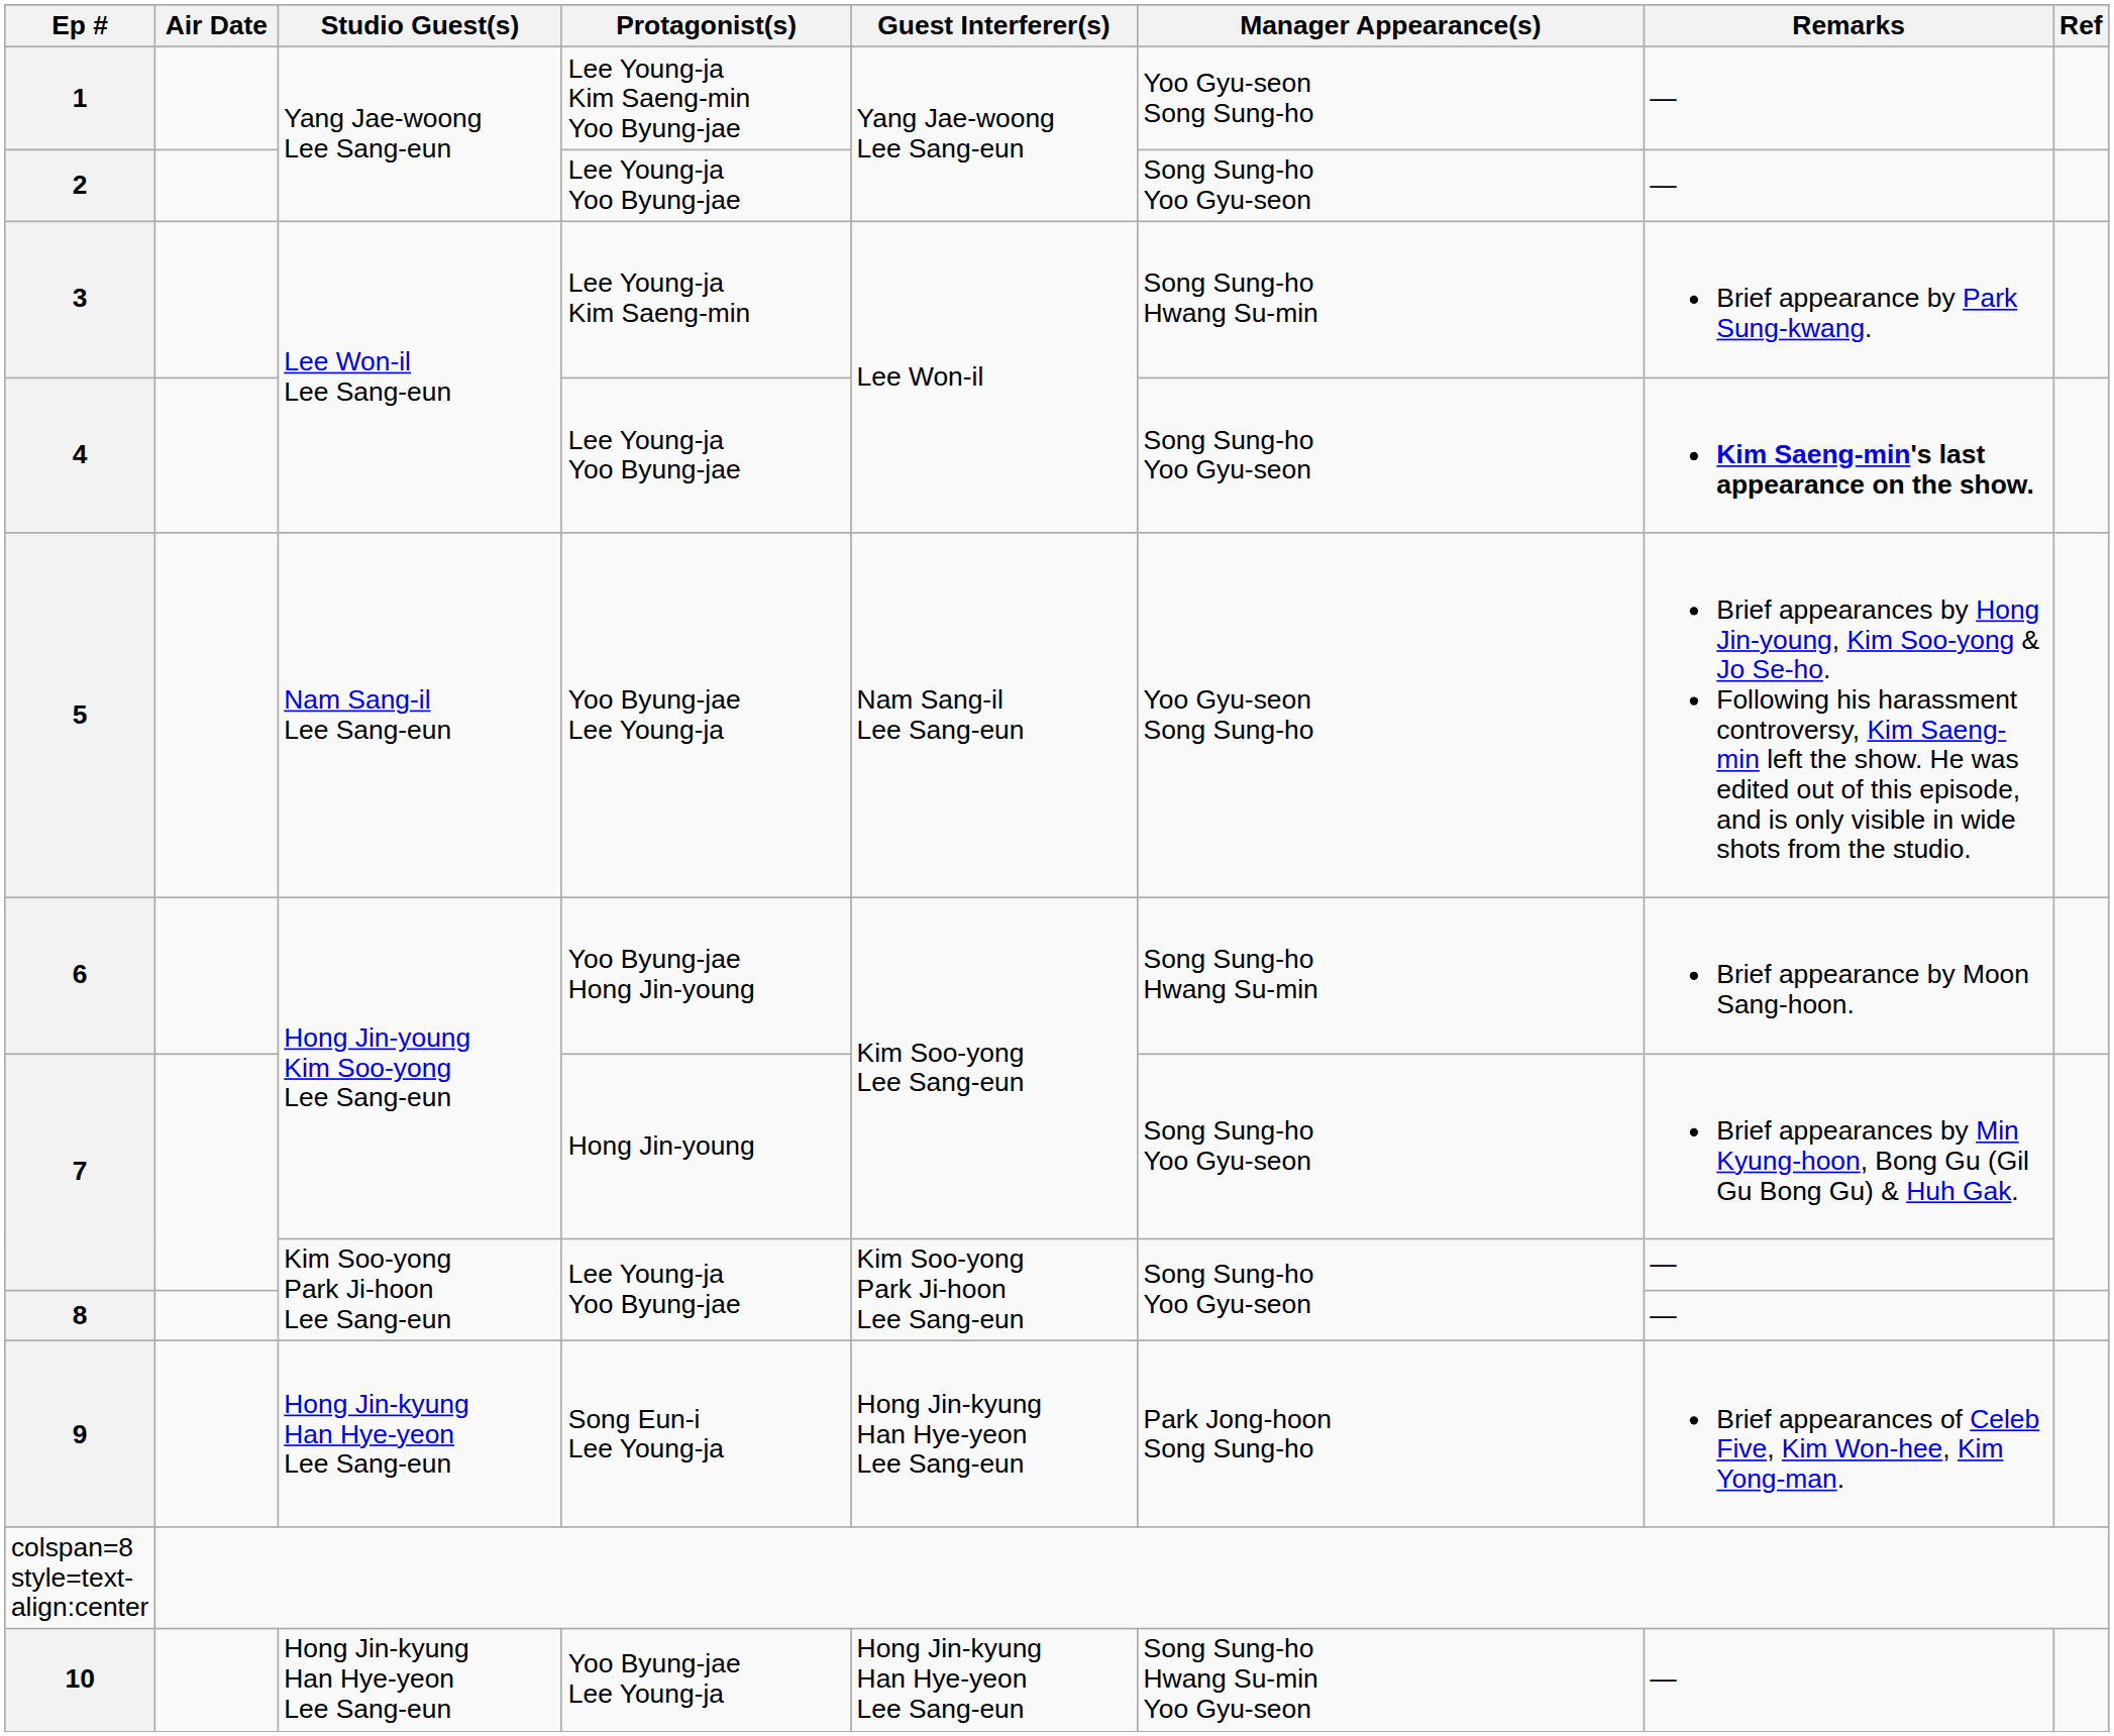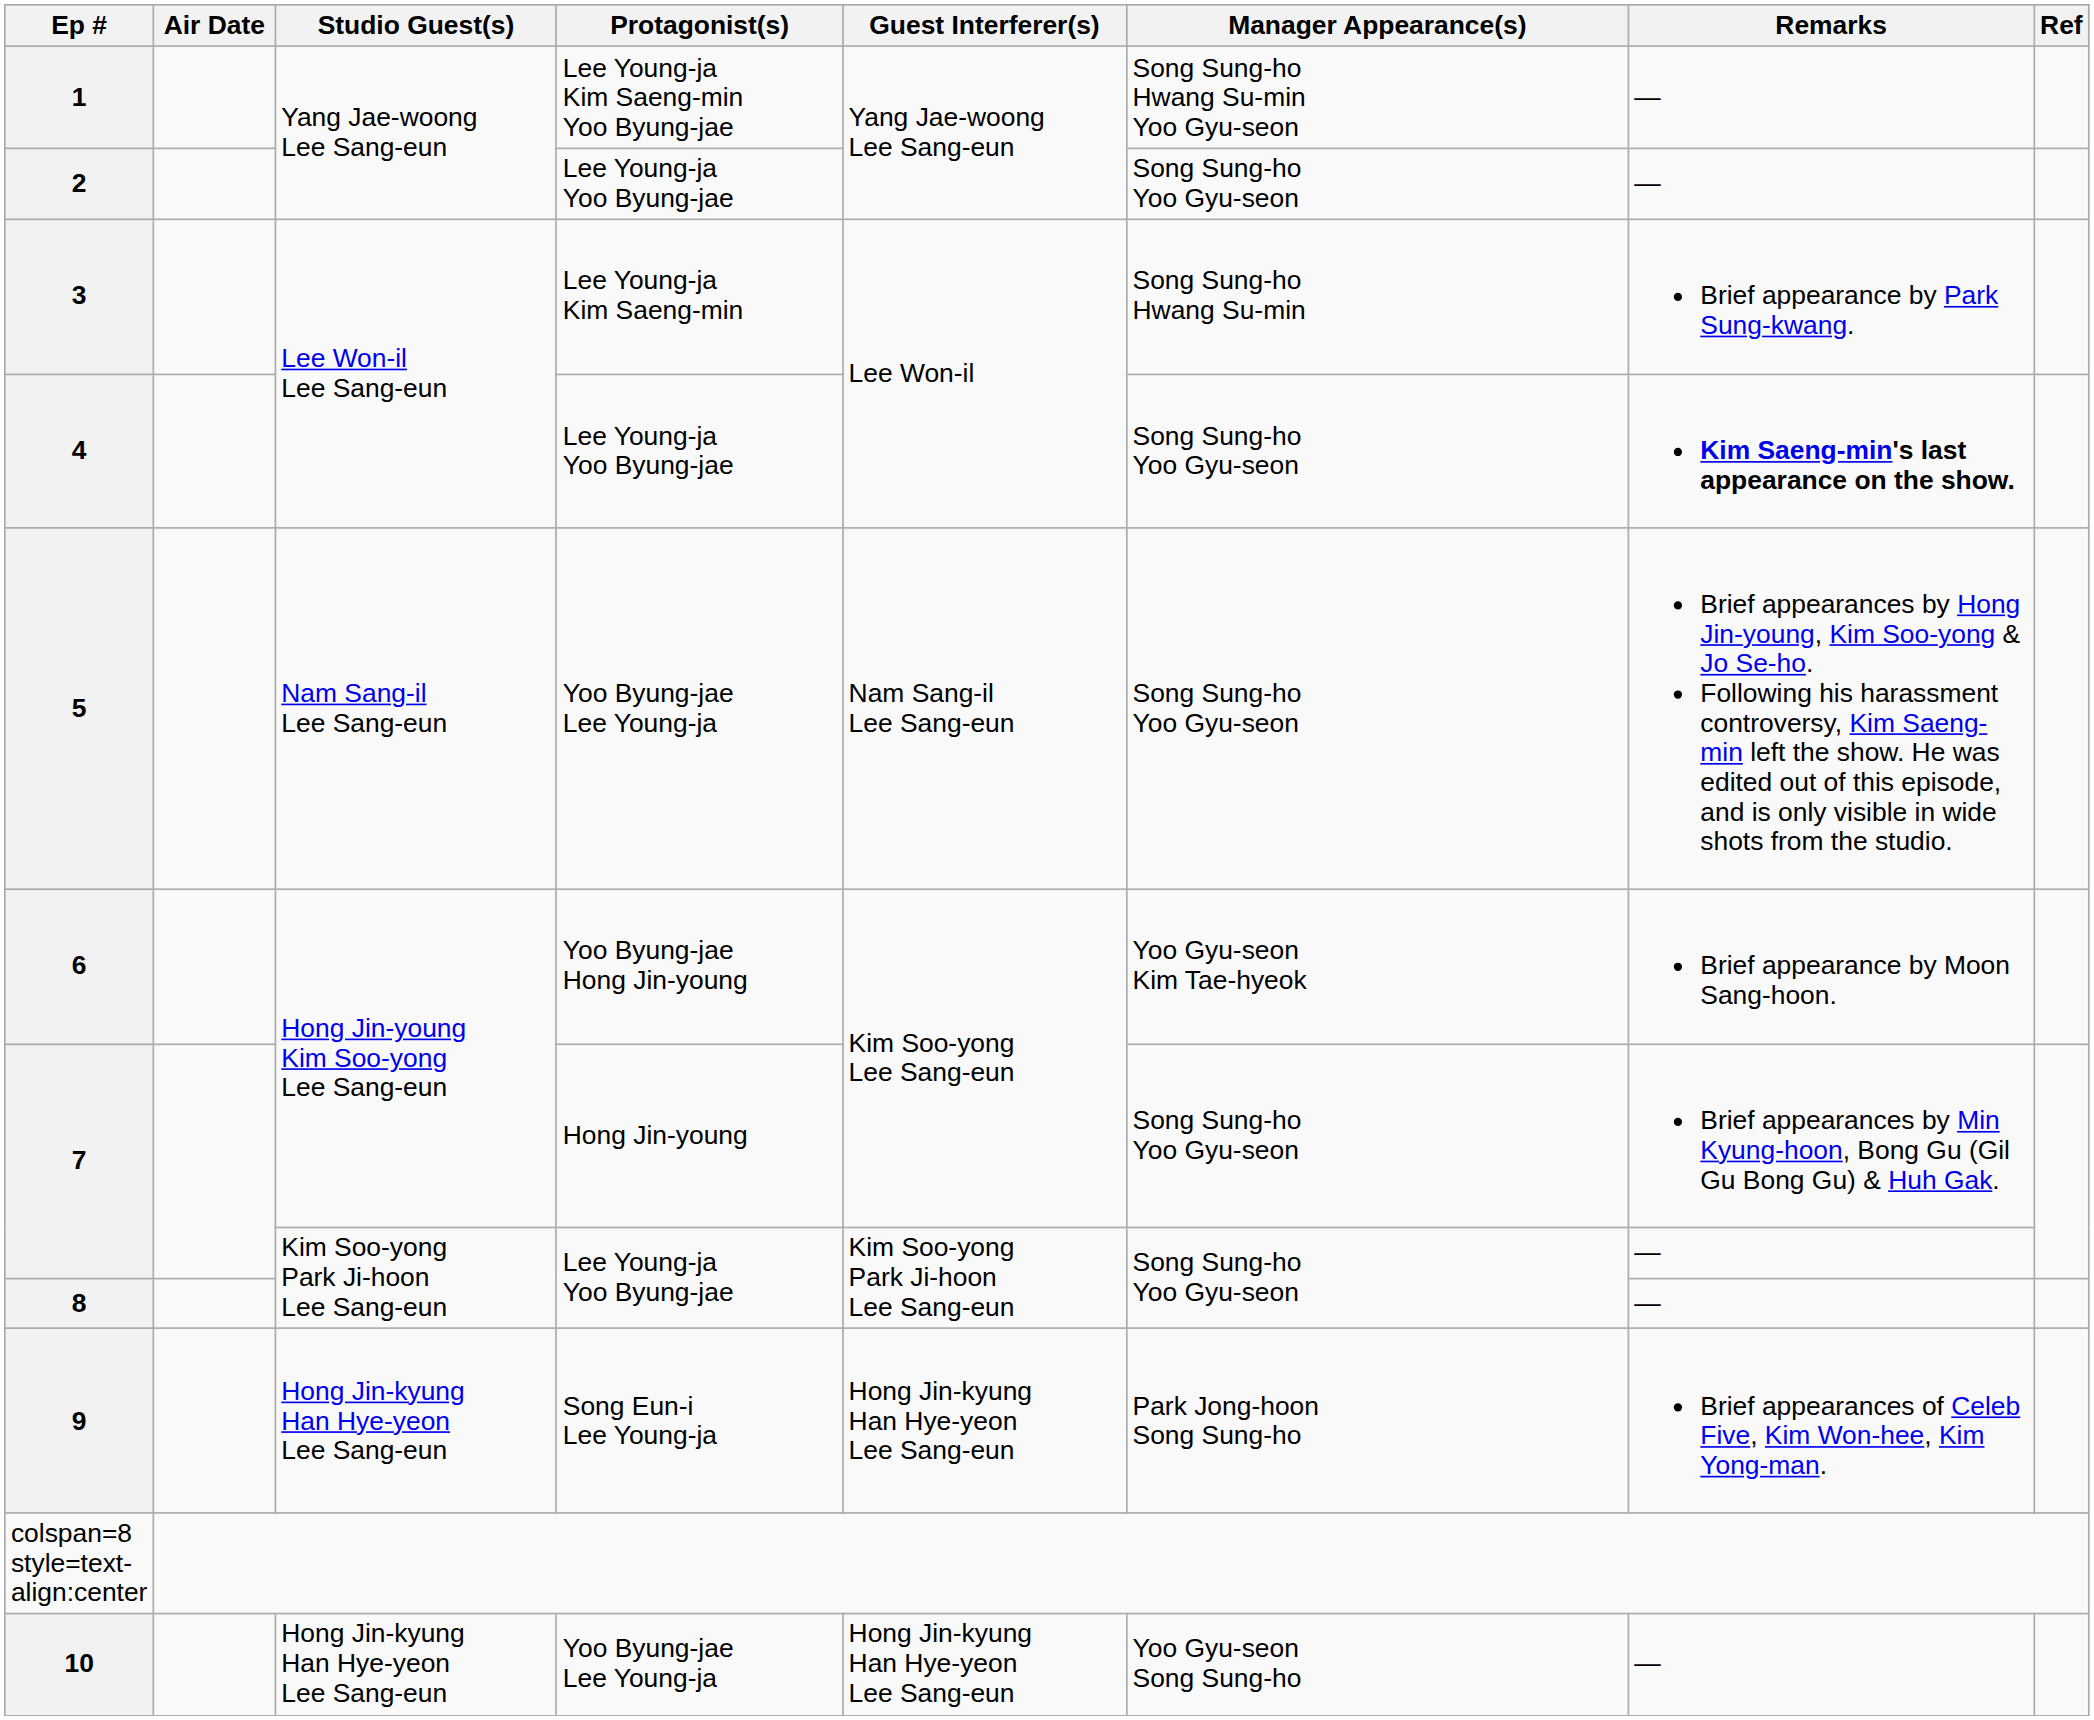 <table class=wikitable style="width:100%">
 <tr>
 <th width=5%>Ep #</th>
 <th width=6%>Air Date</th>
 <th width=14%>Studio Guest(s)</th>
 <th width=14%>Protagonist(s)</th>
 <th width=14%>Guest Interferer(s)</th>
 <th width=25%>Manager Appearance(s)</th>
 <th width=20%>Remarks</th>
 <th width=2%>Ref</th>
 </tr>
 <tr>
 <th>1</th>
 <td></td>
 <td rowspan=2>Yang Jae-woong<br>Lee Sang-eun</td>
 <td>Lee Young-ja<br>Kim Saeng-min<br>Yoo Byung-jae</td>
 <td rowspan=2>Yang Jae-woong<br>Lee Sang-eun</td>
-<td>Yoo Gyu-seon <br>Song Sung-ho </td>
+<td>Song Sung-ho <br>Hwang Su-min <br>Yoo Gyu-seon </td>
 <td>—</td>
 <td></td>
 </tr>
 <tr>
 <th>2</th>
 <td></td>
 <td>Lee Young-ja<br>Yoo Byung-jae</td>
 <td>Song Sung-ho <br>Yoo Gyu-seon </td>
 <td>—</td>
 <td></td>
 </tr>
 <tr>
 <th>3</th>
 <td></td>
 <td rowspan=2><a href='#'>Lee Won-il</a><br>Lee Sang-eun</td>
 <td>Lee Young-ja<br>Kim Saeng-min</td>
 <td rowspan=2>Lee Won-il</td>
 <td>Song Sung-ho <br>Hwang Su-min </td>
 <td><br><ul><li>Brief appearance by <a href='#'>Park Sung-kwang</a>.</li></ul></td>
 <td></td>
 </tr>
 <tr>
 <th>4</th>
 <td></td>
 <td>Lee Young-ja<br>Yoo Byung-jae</td>
 <td>Song Sung-ho <br>Yoo Gyu-seon </td>
 <td><strong><br><ul><li><a href='#'>Kim Saeng-min</a>'s last appearance on the show.</li></ul></strong></td>
 <td></td>
 </tr>
 <tr>
 <th>5</th>
 <td></td>
 <td><a href='#'>Nam Sang-il</a><br>Lee Sang-eun</td>
 <td>Yoo Byung-jae<br>Lee Young-ja</td>
 <td>Nam Sang-il<br>Lee Sang-eun</td>
-<td>Yoo Gyu-seon <br>Song Sung-ho </td>
+<td>Song Sung-ho <br>Yoo Gyu-seon </td>
 <td><br><ul><li>Brief appearances by <a href='#'>Hong Jin-young</a>, <a href='#'>Kim Soo-yong</a> & <a href='#'>Jo Se-ho</a>.</li><li>Following his harassment controversy, <a href='#'>Kim Saeng-min</a> left the show. He was edited out of this episode, and is only visible in wide shots from the studio.</li></ul></td>
 <td></td>
 </tr>
 <tr>
 <th>6</th>
 <td></td>
 <td rowspan=2><a href='#'>Hong Jin-young</a><br><a href='#'>Kim Soo-yong</a><br>Lee Sang-eun</td>
 <td>Yoo Byung-jae<br>Hong Jin-young</td>
 <td rowspan=2>Kim Soo-yong<br>Lee Sang-eun</td>
-<td>Song Sung-ho <br>Hwang Su-min </td>
+<td>Yoo Gyu-seon <br>Kim Tae-hyeok </td>
 <td><br><ul><li>Brief appearance by Moon Sang-hoon.</li></ul></td>
 <td></td>
 </tr>
 <tr>
 <th rowspan=2>7</th>
 <td rowspan=2></td>
 <td>Hong Jin-young</td>
 <td>Song Sung-ho <br>Yoo Gyu-seon </td>
 <td><br><ul><li>Brief appearances by <a href='#'>Min Kyung-hoon</a>, Bong Gu (Gil Gu Bong Gu) & <a href='#'>Huh Gak</a>.</li></ul></td>
 <td rowspan=2></td>
 </tr>
 <tr>
 <td rowspan=2>Kim Soo-yong<br>Park Ji-hoon<br>Lee Sang-eun</td>
 <td rowspan=2>Lee Young-ja<br>Yoo Byung-jae</td>
 <td rowspan=2>Kim Soo-yong<br>Park Ji-hoon<br>Lee Sang-eun</td>
 <td rowspan=2>Song Sung-ho <br>Yoo Gyu-seon </td>
 <td>—</td>
 </tr>
 <tr>
 <th>8</th>
 <td></td>
 <td>—</td>
 <td></td>
 </tr>
 <tr>
 <th>9</th>
 <td></td>
 <td><a href='#'>Hong Jin-kyung</a><br><a href='#'>Han Hye-yeon</a><br>Lee Sang-eun</td>
 <td>Song Eun-i<br>Lee Young-ja</td>
 <td>Hong Jin-kyung<br>Han Hye-yeon<br>Lee Sang-eun</td>
 <td>Park Jong-hoon <br>Song Sung-ho </td>
 <td><br><ul><li>Brief appearances of <a href='#'>Celeb Five</a>, <a href='#'>Kim Won-hee</a>, <a href='#'>Kim Yong-man</a>.</li></ul></td>
 <td></td>
 </tr>
 <tr>
 <td>colspan=8 style=text-align:center </td>
 </tr>
 <tr>
 <th>10</th>
 <td></td>
 <td>Hong Jin-kyung<br>Han Hye-yeon<br>Lee Sang-eun</td>
 <td>Yoo Byung-jae<br>Lee Young-ja</td>
 <td>Hong Jin-kyung<br>Han Hye-yeon<br>Lee Sang-eun</td>
-<td>Song Sung-ho <br>Hwang Su-min <br>Yoo Gyu-seon </td>
+<td>Yoo Gyu-seon <br>Song Sung-ho </td>
 <td>—</td>
 <td></td>
 </tr>
 </table>
